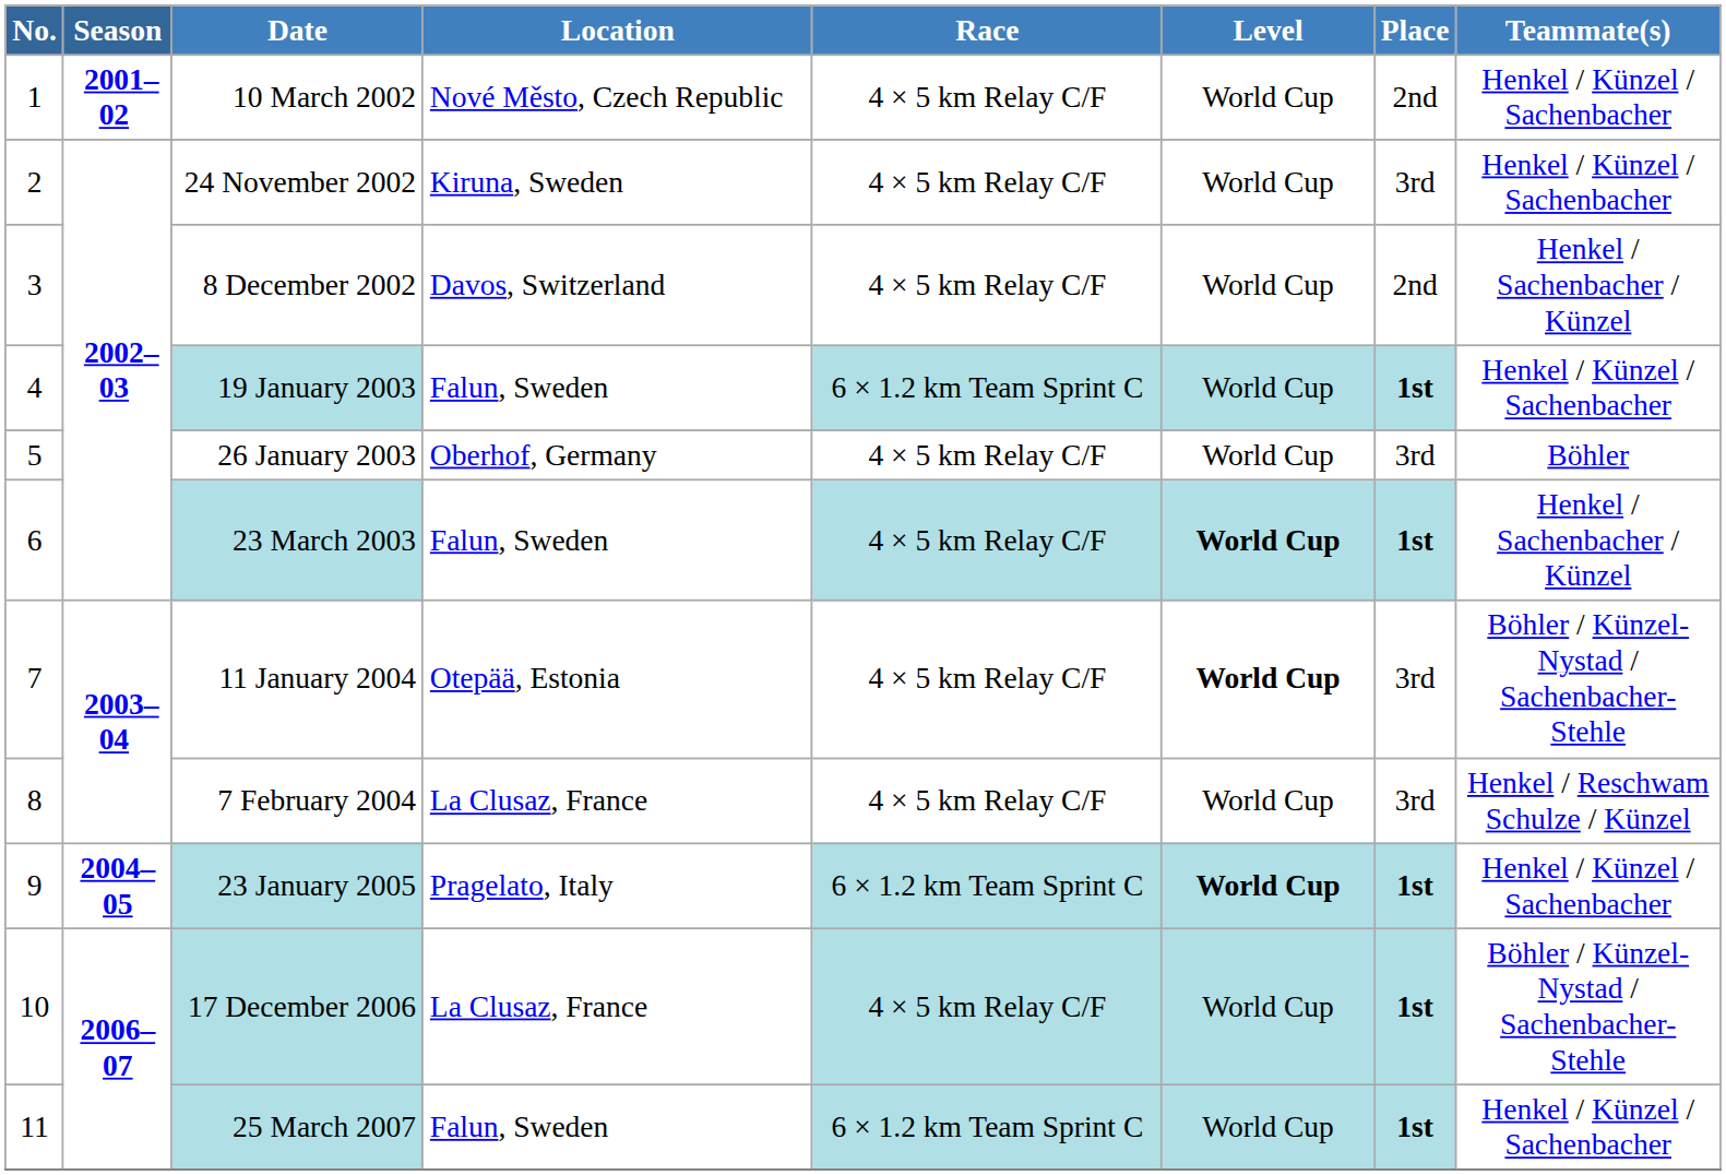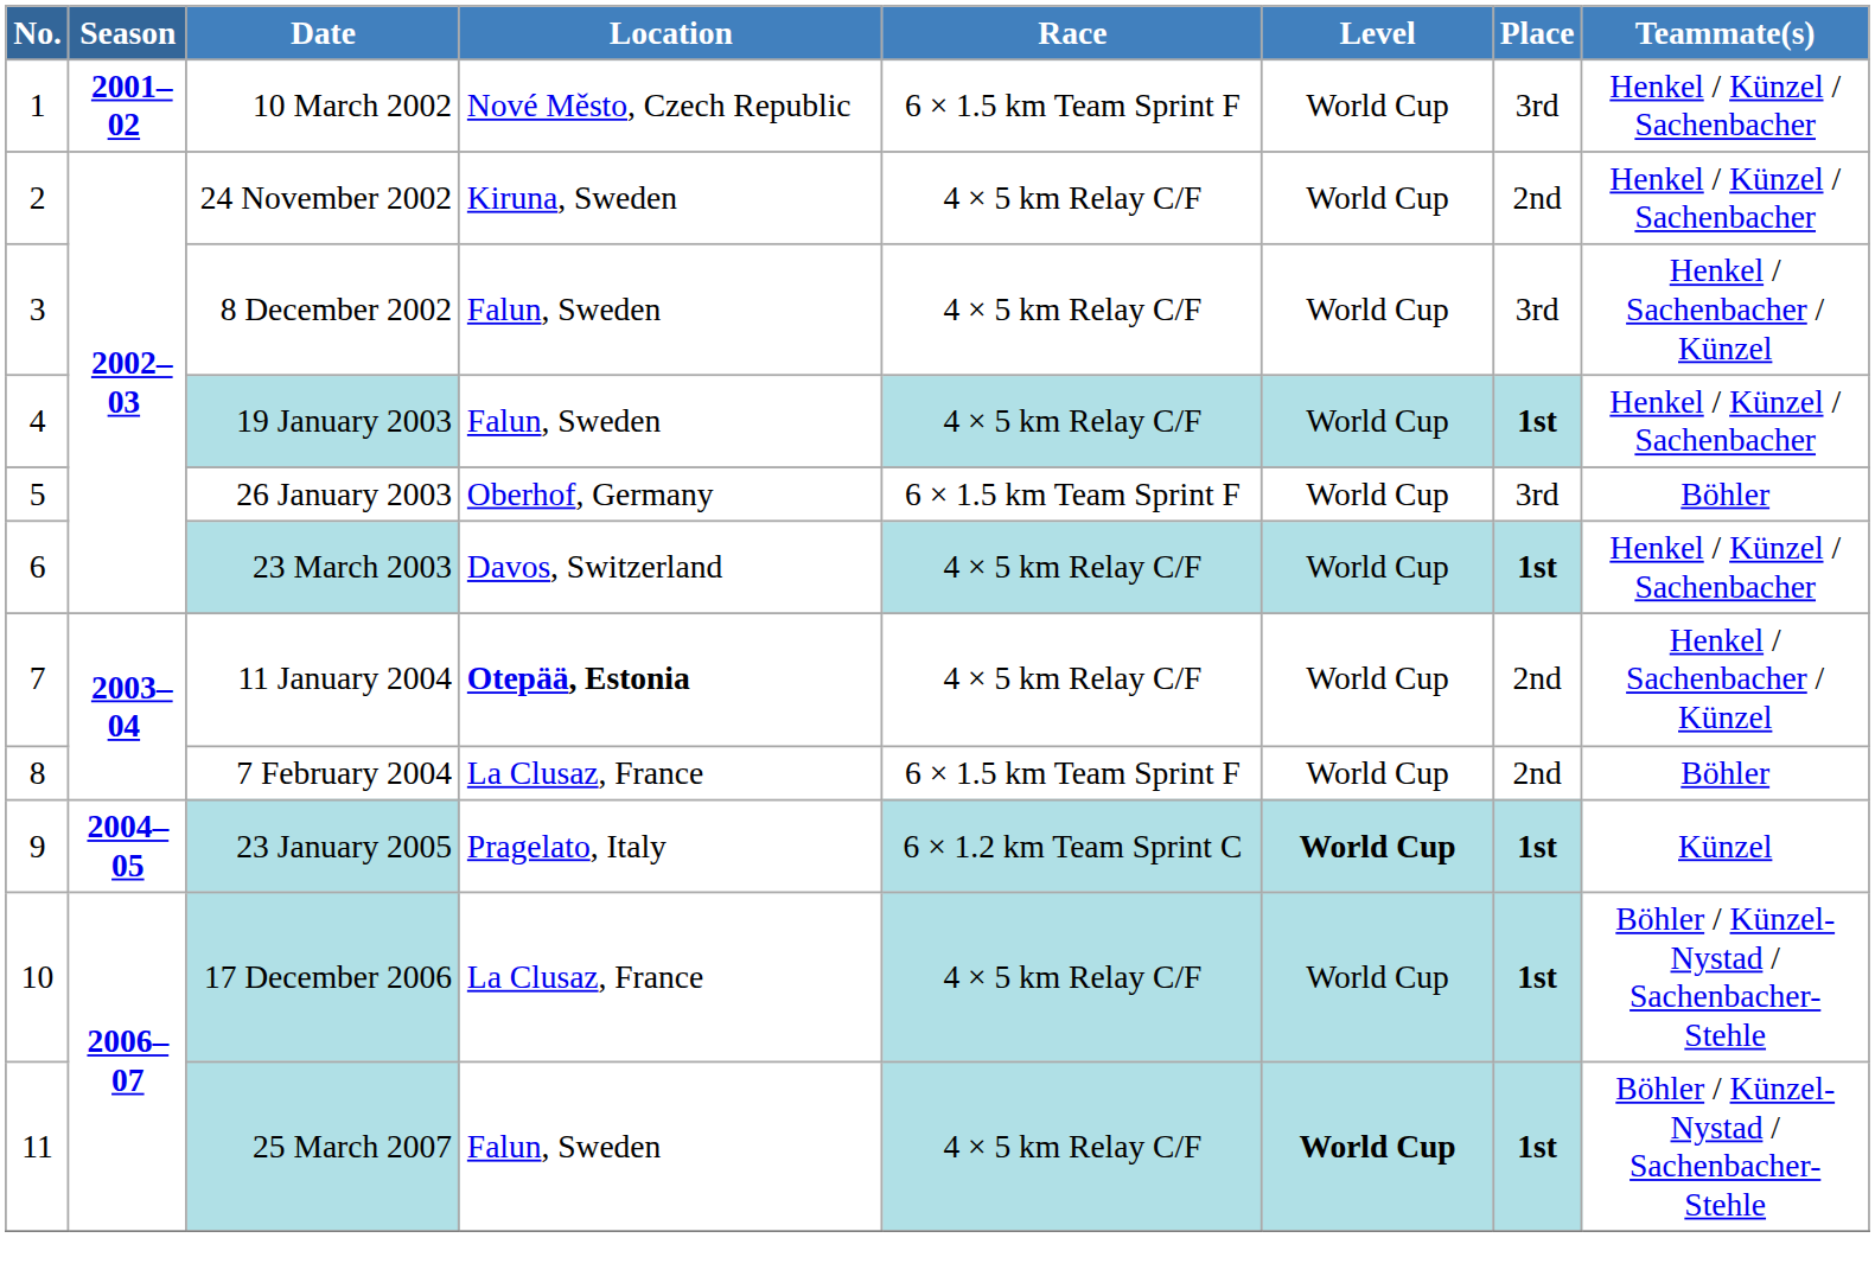 <table class="wikitable sortable" style="font-size:95%; text-align:center; border:grey solid 1px; border-collapse:collapse; background:#ffffff;">
 <tr style="background:#efefef;">
 <th style="background-color:#369; color:white;">No.</th>
 <th style="background-color:#369; color:white;">Season</th>
 <th style="background-color:#4180be; color:white; width:120px;">Date</th>
 <th style="background-color:#4180be; color:white; width:190px;">Location</th>
 <th style="background-color:#4180be; color:white; width:170px;">Race</th>
 <th style="background-color:#4180be; color:white; width:100px;">Level</th>
 <th style="background-color:#4180be; color:white;">Place</th>
 <th style="background-color:#4180be; color:white;">Teammate(s)</th>
 </tr>
 <tr>
 <td align=center>1</td>
 <td rowspan=1 align=center><strong> <a href='#'>2001–02</a> </strong></td>
 <td align=right>10 March 2002</td>
 <td align=left> <a href='#'>Nové Město</a>, Czech Republic</td>
-<td>4 × 5 km Relay C/F</td>
+<td>6 × 1.5 km Team Sprint F</td>
 <td>World Cup</td>
-<td>2nd</td>
+<td>3rd</td>
 <td><a href='#'>Henkel</a> / <a href='#'>Künzel</a> / <a href='#'>Sachenbacher</a></td>
 </tr>
 <tr>
 <td align=center>2</td>
 <td rowspan=5 align=center><strong> <a href='#'>2002–03</a> </strong></td>
 <td align=right>24 November 2002</td>
 <td align=left> <a href='#'>Kiruna</a>, Sweden</td>
 <td>4 × 5 km Relay C/F</td>
 <td>World Cup</td>
-<td>3rd</td>
+<td>2nd</td>
 <td><a href='#'>Henkel</a> / <a href='#'>Künzel</a> / <a href='#'>Sachenbacher</a></td>
 </tr>
 <tr>
 <td align=center>3</td>
 <td align=right>8 December 2002</td>
-<td align=left> <a href='#'>Davos</a>, Switzerland</td>
+<td align=left> <a href='#'>Falun</a>, Sweden</td>
 <td>4 × 5 km Relay C/F</td>
 <td>World Cup</td>
-<td>2nd</td>
+<td>3rd</td>
 <td><a href='#'>Henkel</a> /  <a href='#'>Sachenbacher</a> / <a href='#'>Künzel</a></td>
 </tr>
 <tr>
 <td align=center>4</td>
 <td bgcolor="#BOEOE6" align=right>19 January 2003</td>
 <td align=left> <a href='#'>Falun</a>, Sweden</td>
-<td bgcolor="#BOEOE6">6 × 1.2 km Team Sprint C</td>
+<td bgcolor="#BOEOE6">4 × 5 km Relay C/F</td>
 <td bgcolor="#BOEOE6">World Cup</td>
 <td bgcolor="#BOEOE6"><strong>1st</strong></td>
 <td><a href='#'>Henkel</a> / <a href='#'>Künzel</a> / <a href='#'>Sachenbacher</a></td>
 </tr>
 <tr>
 <td align=center>5</td>
 <td align=right>26 January 2003</td>
 <td align=left> <a href='#'>Oberhof</a>, Germany</td>
-<td>4 × 5 km Relay C/F</td>
+<td>6 × 1.5 km Team Sprint F</td>
 <td>World Cup</td>
 <td>3rd</td>
 <td><a href='#'>Böhler</a></td>
 </tr>
 <tr>
 <td align=center>6</td>
 <td bgcolor="#BOEOE6" align=right>23 March 2003</td>
-<td align=left> <a href='#'>Falun</a>, Sweden</td>
+<td align=left> <a href='#'>Davos</a>, Switzerland</td>
 <td bgcolor="#BOEOE6">4 × 5 km Relay C/F</td>
-<td bgcolor="#BOEOE6"><strong>World Cup</strong></td>
+<td bgcolor="#BOEOE6">World Cup</td>
 <td bgcolor="#BOEOE6"><strong>1st</strong></td>
-<td><a href='#'>Henkel</a> / <a href='#'>Sachenbacher</a> / <a href='#'>Künzel</a></td>
+<td><a href='#'>Henkel</a> / <a href='#'>Künzel</a> / <a href='#'>Sachenbacher</a></td>
 </tr>
 <tr>
 <td align=center>7</td>
 <td rowspan=2 align=center><strong> <a href='#'>2003–04</a> </strong></td>
 <td align=right>11 January 2004</td>
-<td align=left> <a href='#'>Otepää</a>, Estonia</td>
+<td align=left><strong> <a href='#'>Otepää</a>, Estonia</strong></td>
 <td>4 × 5 km Relay C/F</td>
-<td><strong>World Cup</strong></td>
-<td>3rd</td>
-<td><a href='#'>Böhler</a> / <a href='#'>Künzel-Nystad</a> / <a href='#'>Sachenbacher-Stehle</a></td>
+<td>World Cup</td>
+<td>2nd</td>
+<td><a href='#'>Henkel</a> / <a href='#'>Sachenbacher</a> / <a href='#'>Künzel</a></td>
 </tr>
 <tr>
 <td align=center>8</td>
 <td align=right>7 February 2004</td>
 <td align=left> <a href='#'>La Clusaz</a>, France</td>
-<td>4 × 5 km Relay C/F</td>
+<td>6 × 1.5 km Team Sprint F</td>
 <td>World Cup</td>
-<td>3rd</td>
-<td><a href='#'>Henkel</a> / <a href='#'>Reschwam Schulze</a> / <a href='#'>Künzel</a></td>
+<td>2nd</td>
+<td><a href='#'>Böhler</a></td>
 </tr>
 <tr>
 <td align=center>9</td>
 <td rowspan=1 align=center><strong><a href='#'>2004–05</a></strong></td>
 <td bgcolor="#BOEOE6" align=right>23 January 2005</td>
 <td align=left> <a href='#'>Pragelato</a>, Italy</td>
 <td bgcolor="#BOEOE6">6 × 1.2 km Team Sprint C</td>
 <td bgcolor="#BOEOE6"><strong>World Cup</strong></td>
 <td bgcolor="#BOEOE6"><strong>1st</strong></td>
-<td><a href='#'>Henkel</a> / <a href='#'>Künzel</a> / <a href='#'>Sachenbacher</a></td>
+<td><a href='#'>Künzel</a></td>
 </tr>
 <tr>
 <td align=center>10</td>
 <td rowspan=2 align=center><strong><a href='#'>2006–07</a></strong></td>
 <td bgcolor="#BOEOE6" align=right>17 December 2006</td>
 <td align=left> <a href='#'>La Clusaz</a>, France</td>
 <td bgcolor="#BOEOE6">4 × 5 km Relay C/F</td>
 <td bgcolor="#BOEOE6">World Cup</td>
 <td bgcolor="#BOEOE6"><strong>1st</strong></td>
 <td><a href='#'>Böhler</a> / <a href='#'>Künzel-Nystad</a> / <a href='#'>Sachenbacher-Stehle</a></td>
 </tr>
 <tr>
 <td align=center>11</td>
 <td bgcolor="#BOEOE6" align=right>25 March 2007</td>
 <td align=left> <a href='#'>Falun</a>, Sweden</td>
-<td bgcolor="#BOEOE6">6 × 1.2 km Team Sprint C</td>
-<td bgcolor="#BOEOE6">World Cup</td>
+<td bgcolor="#BOEOE6">4 × 5 km Relay C/F</td>
+<td bgcolor="#BOEOE6"><strong>World Cup</strong></td>
 <td bgcolor="#BOEOE6"><strong>1st</strong></td>
-<td><a href='#'>Henkel</a> / <a href='#'>Künzel</a> / <a href='#'>Sachenbacher</a></td>
+<td><a href='#'>Böhler</a> / <a href='#'>Künzel-Nystad</a> / <a href='#'>Sachenbacher-Stehle</a></td>
 </tr>
 <tr>
 </tr>
 </table>
